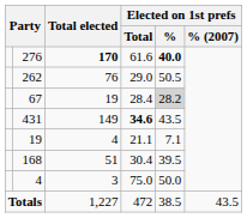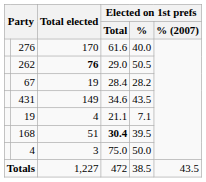 <table class="wikitable" style="text-align:right;">
 <tr>
 <th rowspan="2" colspan="2">Party</th>
 <th rowspan="2">Total elected</th>
 <th colspan="3">Elected on 1st prefs</th>
 </tr>
 <tr>
 <th>Total</th>
 <th>%</th>
 <th>% (2007)</th>
 </tr>
 <tr>
 <td></td>
 <td>276</td>
-<td><strong>170</strong></td>
+<td>170</td>
 <td>61.6</td>
-<td><strong>40.0</strong></td>
+<td>40.0</td>
 </tr>
 <tr>
 <td></td>
 <td>262</td>
-<td>76</td>
+<td><strong>76</strong></td>
 <td>29.0</td>
 <td>50.5</td>
 </tr>
 <tr>
 <td></td>
 <td>67</td>
 <td>19</td>
 <td>28.4</td>
-<td style="background: lightgrey;">28.2</td>
+<td>28.2</td>
 </tr>
 <tr>
 <td></td>
 <td>431</td>
 <td>149</td>
-<td><strong>34.6</strong></td>
+<td>34.6</td>
 <td>43.5</td>
 </tr>
 <tr>
 <td></td>
 <td>19</td>
 <td>4</td>
 <td>21.1</td>
 <td>7.1</td>
 </tr>
 <tr>
 <td></td>
 <td>168</td>
 <td>51</td>
-<td>30.4</td>
+<td><strong>30.4</strong></td>
 <td>39.5</td>
 </tr>
 <tr>
 <td></td>
 <td>4</td>
 <td>3</td>
 <td>75.0</td>
 <td>50.0</td>
 </tr>
 <tr>
 <td colspan="2" style="text-align:left;"><strong>Totals</strong></td>
 <td>1,227</td>
 <td>472</td>
 <td>38.5</td>
 <td>43.5</td>
 </tr>
 </table>
